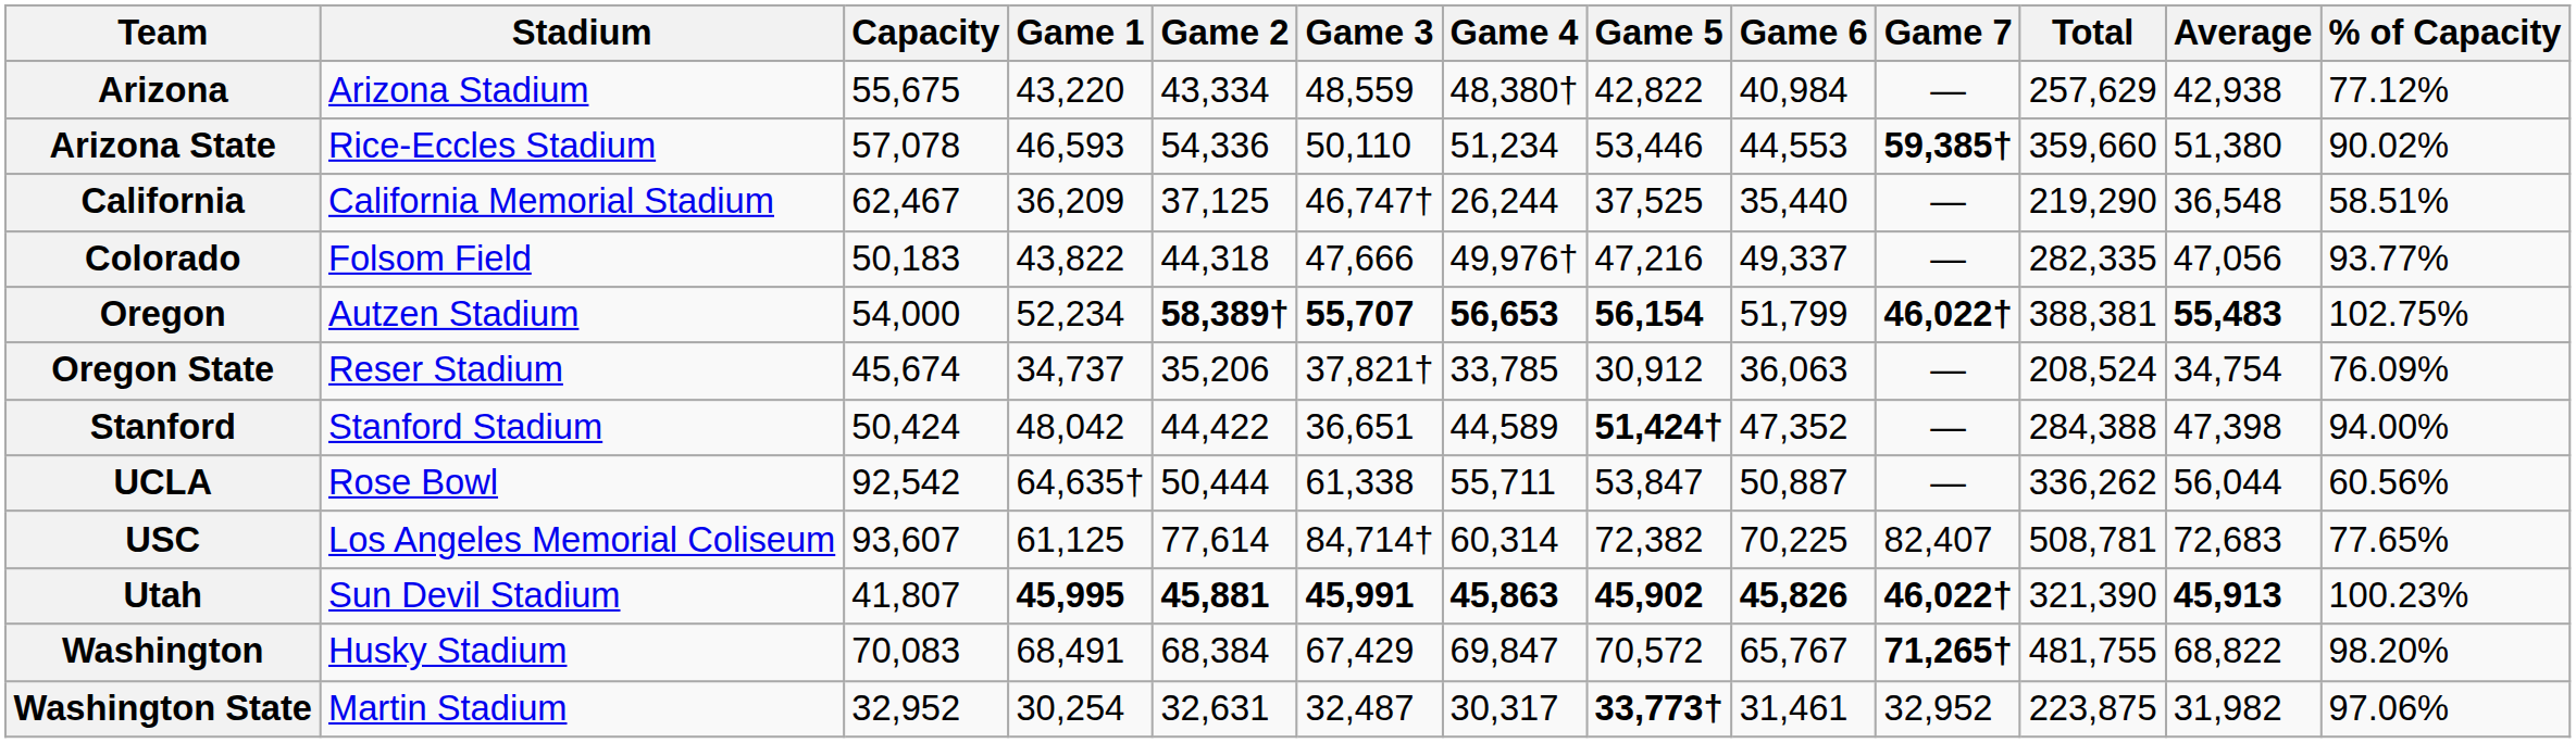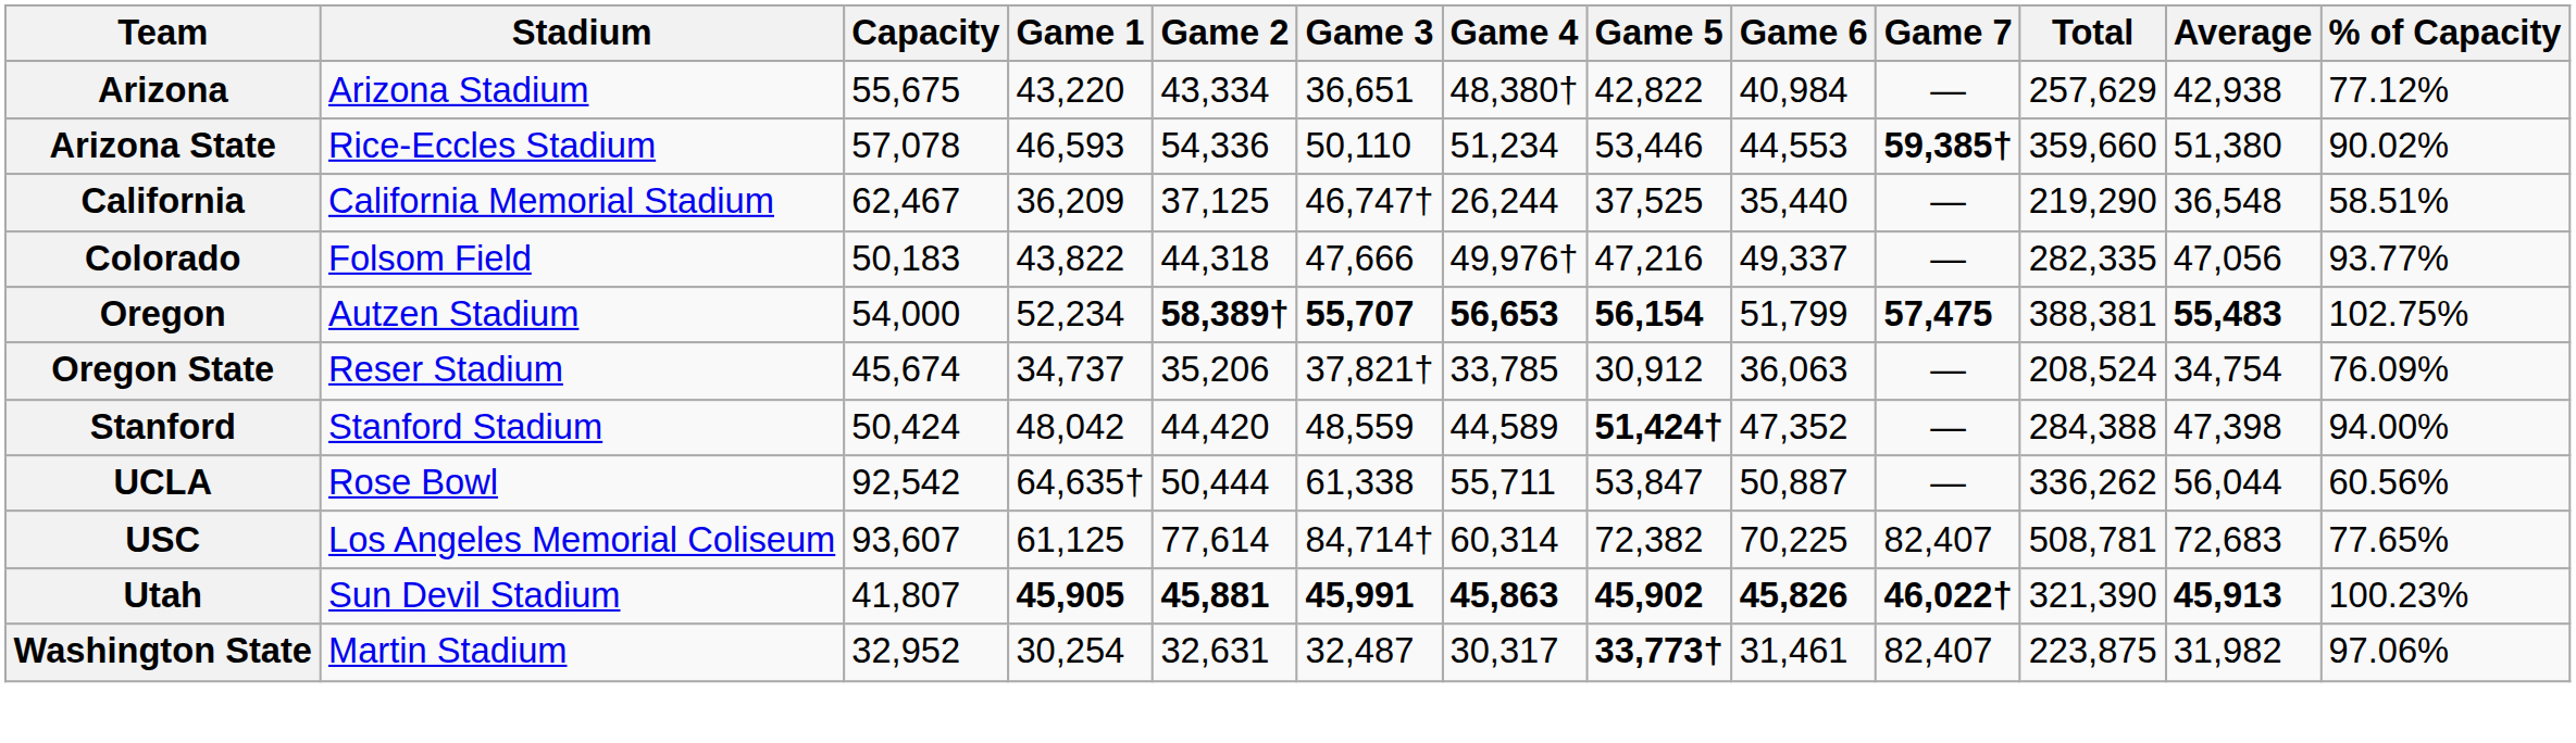 <table class="wikitable">
 <tr>
 <th>Team</th>
 <th>Stadium</th>
 <th>Capacity</th>
 <th>Game 1</th>
 <th>Game 2</th>
 <th>Game 3</th>
 <th>Game 4</th>
 <th>Game 5</th>
 <th>Game 6</th>
 <th>Game 7</th>
 <th>Total</th>
 <th>Average</th>
 <th>% of Capacity</th>
 </tr>
 <tr>
 <th>Arizona</th>
 <td><a href='#'>Arizona Stadium</a></td>
 <td>55,675</td>
 <td>43,220</td>
 <td>43,334</td>
-<td>48,559</td>
+<td>36,651</td>
 <td>48,380†</td>
 <td>42,822</td>
 <td>40,984</td>
 <td style="text-align:center;">—</td>
 <td>257,629</td>
 <td>42,938</td>
 <td>77.12%</td>
 </tr>
 <tr>
 <th>Arizona State</th>
 <td><a href='#'>Rice-Eccles Stadium</a></td>
 <td>57,078</td>
 <td>46,593</td>
 <td>54,336</td>
 <td>50,110</td>
 <td>51,234</td>
 <td>53,446</td>
 <td>44,553</td>
 <td><strong>59,385†</strong></td>
 <td>359,660</td>
 <td>51,380</td>
 <td>90.02%</td>
 </tr>
 <tr>
 <th>California</th>
 <td><a href='#'>California Memorial Stadium</a></td>
 <td>62,467</td>
 <td>36,209</td>
 <td>37,125</td>
 <td>46,747†</td>
 <td>26,244</td>
 <td>37,525</td>
 <td>35,440</td>
 <td style="text-align:center;">—</td>
 <td>219,290</td>
 <td>36,548</td>
 <td>58.51%</td>
 </tr>
 <tr>
 <th>Colorado</th>
 <td><a href='#'>Folsom Field</a></td>
 <td>50,183</td>
 <td>43,822</td>
 <td>44,318</td>
 <td>47,666</td>
 <td>49,976†</td>
 <td>47,216</td>
 <td>49,337</td>
 <td style="text-align:center;">—</td>
 <td>282,335</td>
 <td>47,056</td>
 <td>93.77%</td>
 </tr>
 <tr>
 <th>Oregon</th>
 <td><a href='#'>Autzen Stadium</a></td>
 <td>54,000</td>
 <td>52,234</td>
 <td><strong>58,389†</strong></td>
 <td><strong>55,707</strong></td>
 <td><strong>56,653</strong></td>
 <td><strong>56,154</strong></td>
 <td>51,799</td>
-<td><strong>46,022†</strong></td>
+<td><strong>57,475</strong></td>
 <td>388,381</td>
 <td><strong>55,483</strong></td>
 <td>102.75%</td>
 </tr>
 <tr>
 <th>Oregon State</th>
 <td><a href='#'>Reser Stadium</a></td>
 <td>45,674</td>
 <td>34,737</td>
 <td>35,206</td>
 <td>37,821†</td>
 <td>33,785</td>
 <td>30,912</td>
 <td>36,063</td>
 <td style="text-align:center;">—</td>
 <td>208,524</td>
 <td>34,754</td>
 <td>76.09%</td>
 </tr>
 <tr>
 <th>Stanford</th>
 <td><a href='#'>Stanford Stadium</a></td>
 <td>50,424</td>
 <td>48,042</td>
-<td>44,422</td>
-<td>36,651</td>
+<td>44,420</td>
+<td>48,559</td>
 <td>44,589</td>
 <td><strong>51,424†</strong></td>
 <td>47,352</td>
 <td style="text-align:center;">—</td>
 <td>284,388</td>
 <td>47,398</td>
 <td>94.00%</td>
 </tr>
 <tr>
 <th>UCLA</th>
 <td><a href='#'>Rose Bowl</a></td>
 <td>92,542</td>
 <td>64,635†</td>
 <td>50,444</td>
 <td>61,338</td>
 <td>55,711</td>
 <td>53,847</td>
 <td>50,887</td>
 <td style="text-align:center;">—</td>
 <td>336,262</td>
 <td>56,044</td>
 <td>60.56%</td>
 </tr>
 <tr>
 <th>USC</th>
 <td><a href='#'>Los Angeles Memorial Coliseum</a></td>
 <td>93,607</td>
 <td>61,125</td>
 <td>77,614</td>
 <td>84,714†</td>
 <td>60,314</td>
 <td>72,382</td>
 <td>70,225</td>
 <td>82,407</td>
 <td>508,781</td>
 <td>72,683</td>
 <td>77.65%</td>
 </tr>
 <tr>
 <th>Utah</th>
 <td><a href='#'>Sun Devil Stadium</a></td>
 <td>41,807</td>
-<td><strong>45,995</strong></td>
+<td><strong>45,905</strong></td>
 <td><strong>45,881</strong></td>
 <td><strong>45,991</strong></td>
 <td><strong>45,863</strong></td>
 <td><strong>45,902</strong></td>
 <td><strong>45,826</strong></td>
 <td><strong>46,022†</strong></td>
 <td>321,390</td>
 <td><strong>45,913</strong></td>
 <td>100.23%</td>
 </tr>
 <tr>
-<th>Washington</th>
-<td><a href='#'>Husky Stadium</a></td>
-<td>70,083</td>
-<td>68,491</td>
-<td>68,384</td>
-<td>67,429</td>
-<td>69,847</td>
-<td>70,572</td>
-<td>65,767</td>
-<td><strong>71,265†</strong></td>
-<td>481,755</td>
-<td>68,822</td>
-<td>98.20%</td>
-</tr>
-<tr>
 <th>Washington State</th>
 <td><a href='#'>Martin Stadium</a></td>
 <td>32,952</td>
 <td>30,254</td>
 <td>32,631</td>
 <td>32,487</td>
 <td>30,317</td>
 <td><strong>33,773†</strong></td>
 <td>31,461</td>
-<td>32,952</td>
+<td>82,407</td>
 <td>223,875</td>
 <td>31,982</td>
 <td>97.06%</td>
 </tr>
 </table>
